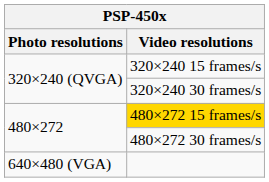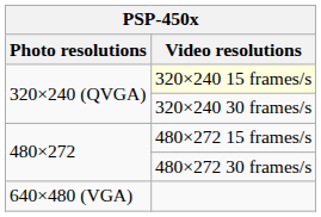 <table class="wikitable">
 <tr>
 <th colspan=2>PSP-450x</th>
 </tr>
 <tr>
 <th>Photo resolutions</th>
 <th>Video resolutions</th>
 </tr>
 <tr>
 <td rowspan=2>320×240 (QVGA)</td>
-<td>320×240 15 frames/s</td>
+<td style="background: lightyellow;">320×240 15 frames/s</td>
 </tr>
 <tr>
 <td>320×240 30 frames/s</td>
 </tr>
 <tr>
 <td rowspan=2>480×272</td>
-<td style="background: gold;">480×272 15 frames/s</td>
+<td>480×272 15 frames/s</td>
 </tr>
 <tr>
 <td>480×272 30 frames/s</td>
 </tr>
 <tr>
 <td>640×480 (VGA)</td>
 </tr>
 </table>
